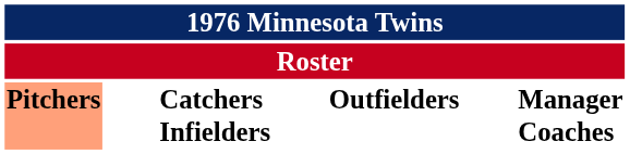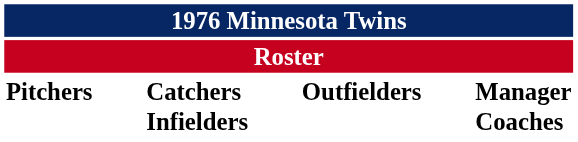 <table class="toccolours" style="font-size: 95%;">
 <tr>
 <th colspan="10" style="background-color: #072764; color: white; text-align: center;">1976 Minnesota Twins</th>
 </tr>
 <tr>
 <td colspan="10" style="background-color: #c6011f; color: white; text-align: center;"><strong>Roster</strong></td>
 </tr>
 <tr>
-<td valign="top" style="background: lightsalmon;"><strong>Pitchers</strong><br>            </td>
+<td valign="top"><strong>Pitchers</strong><br>            </td>
 <td width="25px"></td>
 <td valign="top"><strong>Catchers</strong><br>   <strong>Infielders</strong>         </td>
 <td width="25px"></td>
 <td valign="top"><strong>Outfielders</strong><br>     </td>
 <td width="25px"></td>
 <td valign="top"><strong>Manager</strong><br> <strong>Coaches</strong>     </td>
 </tr>
 <tr>
 </tr>
 </table>
